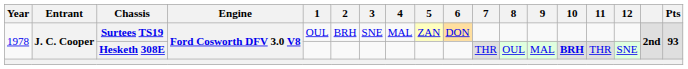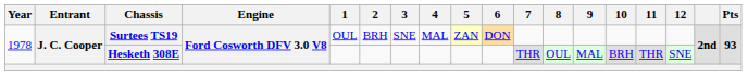 <table class="wikitable" style="text-align:center; font-size:90%">
 <tr>
 <th>Year</th>
 <th>Entrant</th>
 <th>Chassis</th>
 <th>Engine</th>
 <th>1</th>
 <th>2</th>
 <th>3</th>
 <th>4</th>
 <th>5</th>
 <th>6</th>
 <th>7</th>
 <th>8</th>
 <th>9</th>
 <th>10</th>
 <th>11</th>
 <th>12</th>
 <th></th>
 <th>Pts</th>
 </tr>
 <tr>
 <td rowspan=2><a href='#'>1978</a></td>
 <th rowspan=2>J. C. Cooper</th>
 <th><a href='#'>Surtees</a> <a href='#'>TS19</a></th>
 <th rowspan=2><a href='#'>Ford Cosworth DFV</a> 3.0 <a href='#'>V8</a></th>
 <td><a href='#'>OUL</a></td>
 <td><a href='#'>BRH</a></td>
 <td><a href='#'>SNE</a></td>
 <td><a href='#'>MAL</a></td>
 <td style="background:#ffffbf;"><a href='#'>ZAN</a><br></td>
 <td style="background:#ffdf9f;"><a href='#'>DON</a><br></td>
 <td></td>
 <td></td>
 <td></td>
 <td></td>
 <td></td>
 <td></td>
 <th rowspan=2 style="background:#dfdfdf;">2nd</th>
 <th rowspan=2 style="background:#dfdfdf;">93</th>
 </tr>
 <tr>
 <th><a href='#'>Hesketh</a> <a href='#'>308E</a></th>
 <td></td>
 <td></td>
 <td></td>
 <td></td>
 <td></td>
 <td></td>
 <td style="background:#dfdfdf;"><a href='#'>THR</a><br></td>
 <td style="background:#dfffdf;"><a href='#'>OUL</a><br></td>
 <td style="background:#dfffdf;"><a href='#'>MAL</a><br></td>
-<td style="background:#dfdfdf;"><strong><a href='#'>BRH</a><br></strong></td>
+<td style="background:#dfdfdf;"><a href='#'>BRH</a><br></td>
 <td style="background:#dfdfdf;"><a href='#'>THR</a><br></td>
 <td style="background:#dfffdf;"><a href='#'>SNE</a><br></td>
 </tr>
 <tr>
 <th colspan="18"></th>
 </tr>
 </table>
